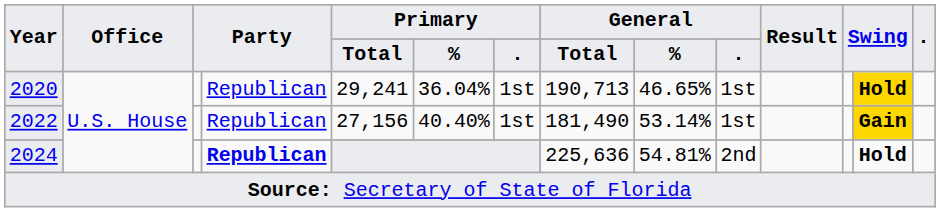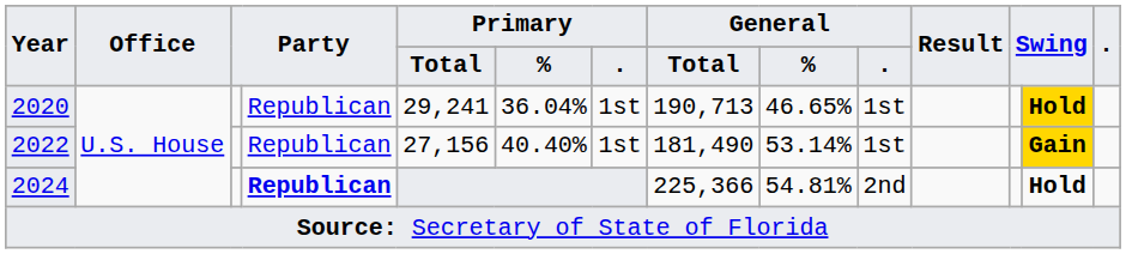 <table class="wikitable" style="font-size:90%; text-align:center;">
 <tr>
 <th style="background-color:#EAECF0;" rowspan=2>Year</th>
 <th style="background-color:#EAECF0;" rowspan=2>Office</th>
 <th style="background-color:#EAECF0;" colspan=2 rowspan=2>Party</th>
 <th style="background-color:#EAECF0;" colspan=3>Primary</th>
 <th style="background-color:#EAECF0;" colspan=3>General</th>
 <th style="background-color:#EAECF0;" rowspan=2>Result</th>
 <th style="background-color:#EAECF0;" colspan=2 rowspan=2><a href='#'>Swing</a></th>
 <th style="background-color:#EAECF0;" rowspan=2>.</th>
 </tr>
 <tr>
 <th style="background-color:#EAECF0;">Total</th>
 <th style="background-color:#EAECF0;">%</th>
 <th style="background-color:#EAECF0;">.</th>
 <th style="background-color:#EAECF0;">Total</th>
 <th style="background-color:#EAECF0;">%</th>
 <th style="background-color:#EAECF0;">.</th>
 </tr>
 <tr>
 <td style="background-color:#EAECF0;"><a href='#'>2020</a></td>
 <td rowspan="3"><a href='#'>U.S. House</a></td>
 <td style="background-color:"></td>
 <td><a href='#'>Republican</a></td>
 <td>29,241</td>
 <td>36.04%</td>
 <td>1st</td>
 <td>190,713</td>
 <td>46.65%</td>
 <td>1st</td>
 <td></td>
 <td style="background-color:"></td>
 <td style="background: gold;"><strong>Hold</strong></td>
 <td></td>
 </tr>
 <tr>
 <td style="background-color:#EAECF0;"><a href='#'>2022</a></td>
 <td style="background-color:"></td>
 <td><a href='#'>Republican</a></td>
 <td>27,156</td>
 <td>40.40%</td>
 <td>1st</td>
 <td>181,490</td>
 <td>53.14%</td>
 <td>1st</td>
 <td></td>
 <td style="background-color:"></td>
 <td style="background: gold;"><strong>Gain</strong></td>
 <td></td>
 </tr>
 <tr>
 <td style="background-color:#EAECF0;"><a href='#'>2024</a></td>
 <td style="background-color:"></td>
 <td><strong><a href='#'>Republican</a></strong></td>
 <td style="background-color:#EAECF0;"colspan="3"></td>
-<td>225,636</td>
+<td>225,366</td>
 <td>54.81%</td>
 <td>2nd</td>
 <td></td>
 <td style="background-color:"></td>
 <td><strong>Hold</strong></td>
 <td></td>
 </tr>
 <tr>
 <td style="background-color:#EAECF0;" colspan=14><strong>Source:</strong> <a href='#'>Secretary of State of Florida</a>  </td>
 </tr>
 </table>
